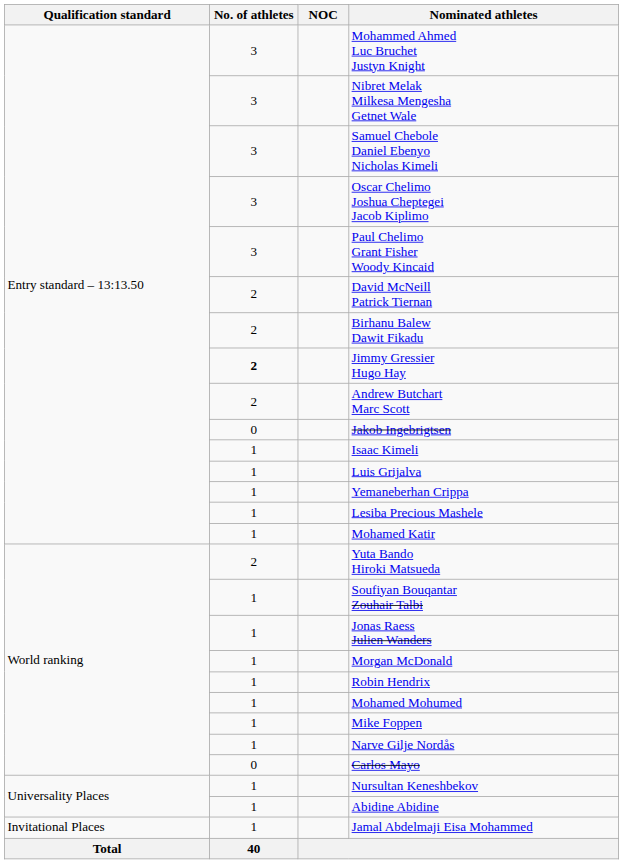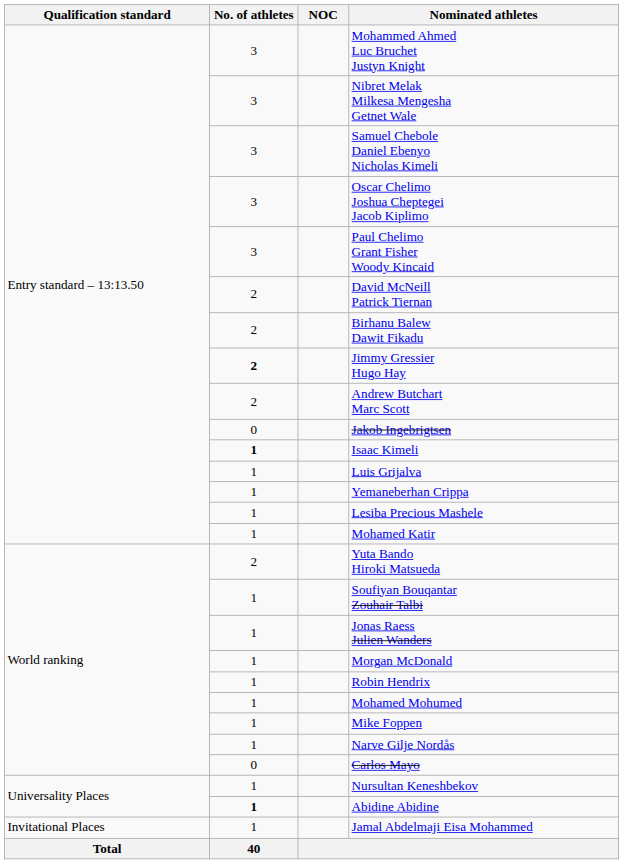 <table class="wikitable" style="text-align:left; width:750px;">
 <tr>
 <th>Qualification standard</th>
 <th width=100>No. of athletes</th>
 <th>NOC</th>
 <th>Nominated athletes</th>
 </tr>
 <tr>
 <td rowspan=15>Entry standard – 13:13.50</td>
 <td align=center>3</td>
 <td></td>
 <td><a href='#'>Mohammed Ahmed</a><br><a href='#'>Luc Bruchet</a><br><a href='#'>Justyn Knight</a></td>
 </tr>
 <tr>
 <td align=center>3</td>
 <td></td>
 <td><a href='#'>Nibret Melak</a><br><a href='#'>Milkesa Mengesha</a><br><a href='#'>Getnet Wale</a></td>
 </tr>
 <tr>
 <td align=center>3</td>
 <td></td>
 <td><a href='#'>Samuel Chebole</a><br><a href='#'>Daniel Ebenyo</a><br><a href='#'>Nicholas Kimeli</a></td>
 </tr>
 <tr>
 <td align=center>3</td>
 <td></td>
 <td><a href='#'>Oscar Chelimo</a><br><a href='#'>Joshua Cheptegei</a><br><a href='#'>Jacob Kiplimo</a></td>
 </tr>
 <tr>
 <td align=center>3</td>
 <td></td>
 <td><a href='#'>Paul Chelimo</a><br><a href='#'>Grant Fisher</a><br><a href='#'>Woody Kincaid</a></td>
 </tr>
 <tr>
 <td align=center>2</td>
 <td></td>
 <td><a href='#'>David McNeill</a><br><a href='#'>Patrick Tiernan</a></td>
 </tr>
 <tr>
 <td align=center>2</td>
 <td></td>
 <td><a href='#'>Birhanu Balew</a><br><a href='#'>Dawit Fikadu</a></td>
 </tr>
 <tr>
 <td align=center><strong>2</strong></td>
 <td></td>
 <td><a href='#'>Jimmy Gressier</a><br><a href='#'>Hugo Hay</a></td>
 </tr>
 <tr>
 <td align=center>2</td>
 <td></td>
 <td><a href='#'>Andrew Butchart</a><br><a href='#'>Marc Scott</a></td>
 </tr>
 <tr>
 <td align=center>0</td>
 <td></td>
 <td><s><a href='#'>Jakob Ingebrigtsen</a></s></td>
 </tr>
 <tr>
-<td align=center>1</td>
+<td align=center><strong>1</strong></td>
 <td></td>
 <td><a href='#'>Isaac Kimeli</a></td>
 </tr>
 <tr>
 <td align=center>1</td>
 <td></td>
 <td><a href='#'>Luis Grijalva</a></td>
 </tr>
 <tr>
 <td align=center>1</td>
 <td></td>
 <td><a href='#'>Yemaneberhan Crippa</a></td>
 </tr>
 <tr>
 <td align=center>1</td>
 <td></td>
 <td><a href='#'>Lesiba Precious Mashele</a></td>
 </tr>
 <tr>
 <td align=center>1</td>
 <td></td>
 <td><a href='#'>Mohamed Katir</a></td>
 </tr>
 <tr>
 <td rowspan=9>World ranking</td>
 <td align=center>2</td>
 <td></td>
 <td><a href='#'>Yuta Bando</a><br><a href='#'>Hiroki Matsueda</a></td>
 </tr>
 <tr>
 <td align=center>1</td>
 <td></td>
 <td><a href='#'>Soufiyan Bouqantar</a><br><s><a href='#'>Zouhair Talbi</a></s></td>
 </tr>
 <tr>
 <td align=center>1</td>
 <td></td>
 <td><a href='#'>Jonas Raess</a><br><s><a href='#'>Julien Wanders</a></s></td>
 </tr>
 <tr>
 <td align=center>1</td>
 <td></td>
 <td><a href='#'>Morgan McDonald</a></td>
 </tr>
 <tr>
 <td align=center>1</td>
 <td></td>
 <td><a href='#'>Robin Hendrix</a></td>
 </tr>
 <tr>
 <td align=center>1</td>
 <td></td>
 <td><a href='#'>Mohamed Mohumed</a></td>
 </tr>
 <tr>
 <td align=center>1</td>
 <td></td>
 <td><a href='#'>Mike Foppen</a></td>
 </tr>
 <tr>
 <td align=center>1</td>
 <td></td>
 <td><a href='#'>Narve Gilje Nordås</a></td>
 </tr>
 <tr>
 <td align=center>0</td>
 <td></td>
 <td><s><a href='#'>Carlos Mayo</a></s></td>
 </tr>
 <tr>
 <td rowspan=2>Universality Places</td>
 <td align=center>1</td>
 <td></td>
 <td><a href='#'>Nursultan Keneshbekov</a></td>
 </tr>
 <tr>
-<td align=center>1</td>
+<td align=center><strong>1</strong></td>
 <td></td>
 <td><a href='#'>Abidine Abidine</a></td>
 </tr>
 <tr>
 <td>Invitational Places</td>
 <td align=center>1</td>
 <td></td>
 <td><a href='#'>Jamal Abdelmaji Eisa Mohammed</a></td>
 </tr>
 <tr>
 <th>Total</th>
 <th>40</th>
 <th colspan=2></th>
 </tr>
 </table>
